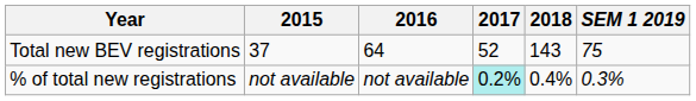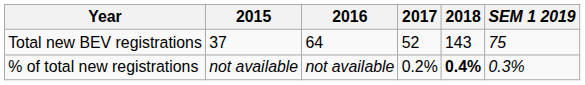 <table class="wikitable">
 <tr>
 <th>Year</th>
 <th>2015</th>
 <th>2016</th>
 <th>2017</th>
 <th>2018</th>
 <th><em>SEM 1 2019</em></th>
 </tr>
 <tr>
 <td>Total new BEV registrations</td>
 <td>37</td>
 <td>64</td>
 <td>52</td>
 <td>143</td>
 <td><em>75</em></td>
 </tr>
 <tr>
 <td>% of total new registrations</td>
 <td><em>not available</em></td>
 <td><em>not available</em></td>
-<td style="background: paleturquoise;">0.2%</td>
-<td>0.4%</td>
+<td>0.2%</td>
+<td><strong>0.4%</strong></td>
 <td><em>0.3%</em></td>
 </tr>
 </table>
